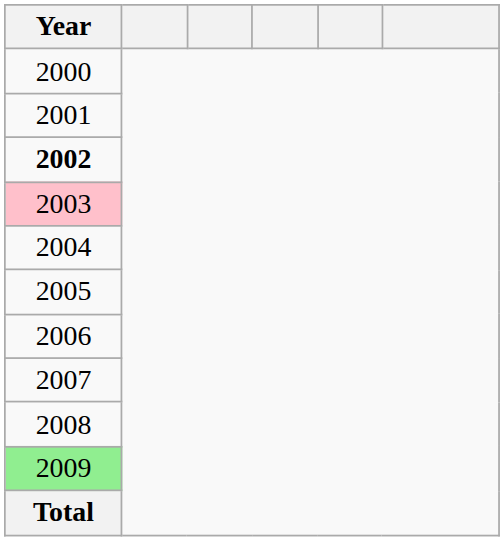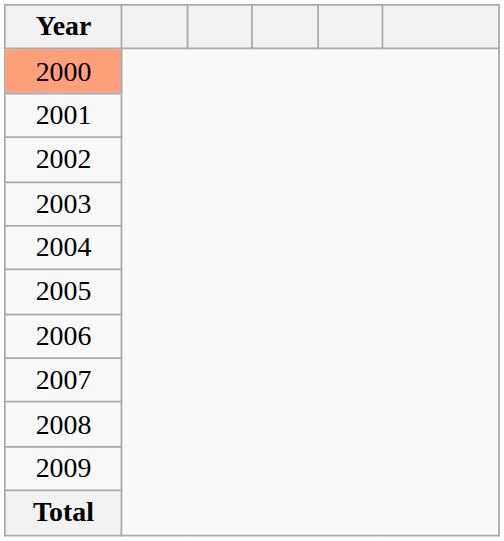 <table class="wikitable" style="text-align: center">
 <tr>
 <th width="60">Year</th>
 <th width="30"></th>
 <th width="30"></th>
 <th width="30"></th>
 <th width="30"></th>
 <th width="60"></th>
 </tr>
 <tr>
-<td>2000<br></td>
+<td style="background: lightsalmon;">2000<br></td>
 </tr>
 <tr>
 <td>2001<br></td>
 </tr>
 <tr>
-<td><strong>2002<br></strong></td>
+<td>2002<br></td>
 </tr>
 <tr>
-<td style="background: pink;">2003<br></td>
+<td>2003<br></td>
 </tr>
 <tr>
 <td>2004<br></td>
 </tr>
 <tr>
 <td>2005<br></td>
 </tr>
 <tr>
 <td>2006<br></td>
 </tr>
 <tr>
 <td>2007<br></td>
 </tr>
 <tr>
 <td>2008<br></td>
 </tr>
 <tr>
-<td style="background: lightgreen;">2009<br></td>
+<td>2009<br></td>
 </tr>
 <tr>
 <th>Total<br></th>
 </tr>
 </table>
